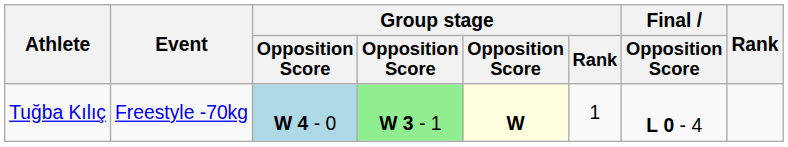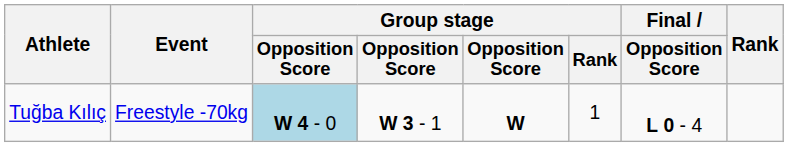 <table class="wikitable" style="font-size:90%">
 <tr>
 <th rowspan=2>Athlete</th>
 <th rowspan=2>Event</th>
 <th colspan=4>Group stage</th>
 <th>Final / </th>
 <th rowspan=2>Rank</th>
 </tr>
 <tr style="font-size:95%">
 <th>Opposition<br>Score</th>
 <th>Opposition<br>Score</th>
 <th>Opposition<br>Score</th>
 <th>Rank</th>
 <th>Opposition<br>Score</th>
 </tr>
 <tr align=center>
 <td align=left><a href='#'>Tuğba Kılıç</a></td>
 <td align=left><a href='#'>Freestyle -70kg</a></td>
 <td style="background: lightblue;"><br><strong>W</strong> <strong>4</strong> - 0</td>
-<td style="background: lightgreen;"><br><strong>W</strong> <strong>3</strong> - 1</td>
-<td style="background: lightyellow;"><br><strong>W</strong></td>
+<td><br><strong>W</strong> <strong>3</strong> - 1</td>
+<td><br><strong>W</strong></td>
 <td>1 </td>
 <td><br><strong>L</strong> <strong>0</strong> - 4 <sup></sup></td>
 <td></td>
 </tr>
 </table>
